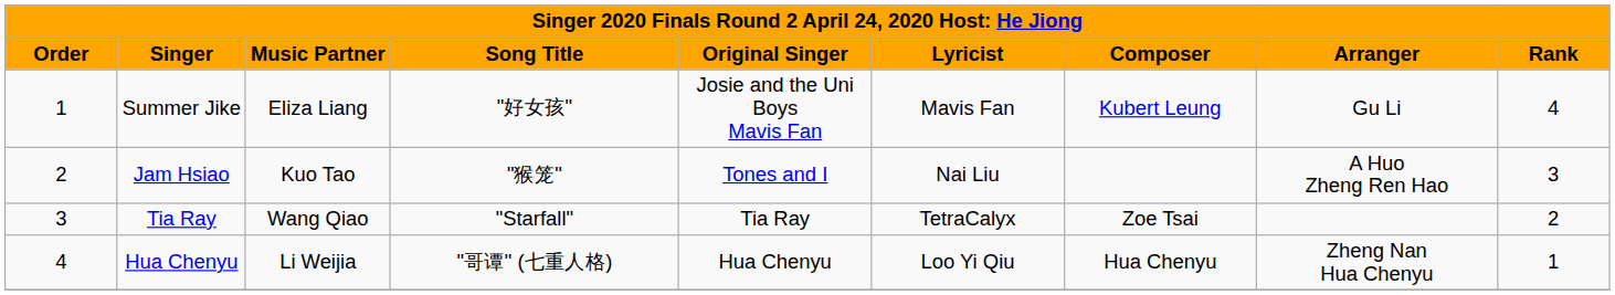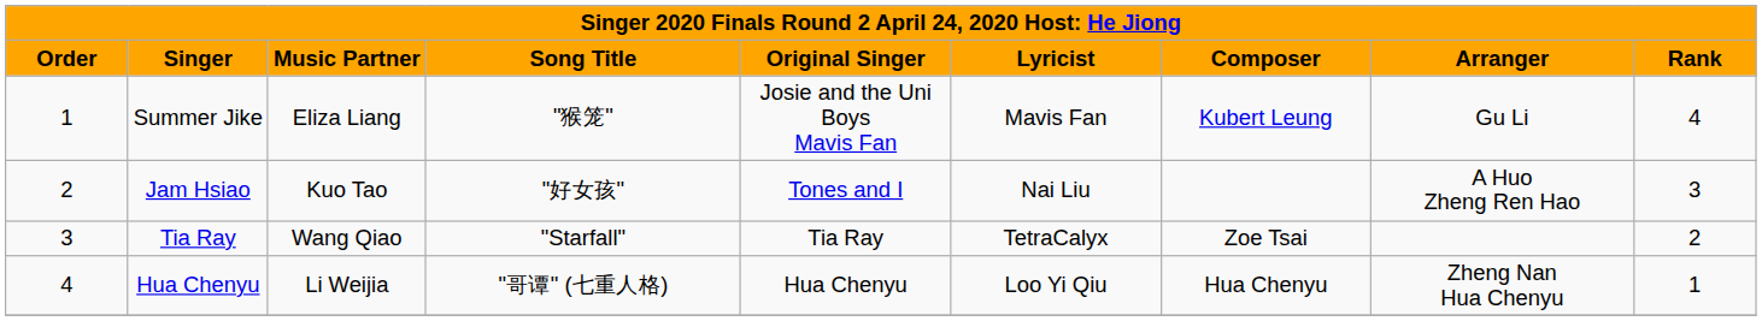 <table class="wikitable sortable mw-collapsible" width="100%" style="text-align:center">
 <tr align=center style="background:orange">
 <td colspan="9"><div><strong>Singer 2020 Finals Round 2 April 24, 2020 Host: <a href='#'>He Jiong</a></strong></div></td>
 </tr>
 <tr style="background:orange">
 <td style="width:7%"><strong>Order</strong></td>
 <td style="width:8%"><strong>Singer</strong></td>
 <td style="width:9%"><strong>Music Partner</strong></td>
 <td style="width:18%"><strong>Song Title</strong></td>
 <td style="width:12%"><strong>Original Singer</strong></td>
 <td style="width:12% "><strong>Lyricist</strong></td>
 <td style="width:12%"><strong>Composer</strong></td>
 <td style="width:15%"><strong>Arranger</strong></td>
 <td style="width:7%"><strong>Rank</strong></td>
 </tr>
 <tr>
 <td>1</td>
 <td>Summer Jike</td>
 <td>Eliza Liang</td>
-<td>"好女孩"</td>
+<td>"猴笼"</td>
 <td>Josie and the Uni Boys<br><a href='#'>Mavis Fan</a></td>
 <td>Mavis Fan</td>
 <td><a href='#'>Kubert Leung</a></td>
 <td>Gu Li</td>
 <td>4</td>
 </tr>
 <tr>
 <td>2</td>
 <td><a href='#'>Jam Hsiao</a></td>
 <td>Kuo Tao</td>
-<td>"猴笼"</td>
+<td>"好女孩"</td>
 <td><a href='#'>Tones and I</a></td>
 <td>Nai Liu</td>
 <td></td>
 <td>A Huo<br>Zheng Ren Hao</td>
 <td>3 </td>
 </tr>
 <tr>
 <td>3</td>
 <td><a href='#'>Tia Ray</a></td>
 <td>Wang Qiao</td>
 <td>"Starfall"</td>
 <td>Tia Ray</td>
 <td>TetraCalyx</td>
 <td>Zoe Tsai</td>
 <td></td>
 <td>2 </td>
 </tr>
 <tr>
 <td>4</td>
 <td><a href='#'>Hua Chenyu</a></td>
 <td>Li Weijia</td>
 <td>"哥谭" (七重人格)</td>
 <td>Hua Chenyu</td>
 <td>Loo Yi Qiu</td>
 <td>Hua Chenyu</td>
 <td>Zheng Nan<br>Hua Chenyu</td>
 <td>1 </td>
 </tr>
 <tr>
 </tr>
 </table>
